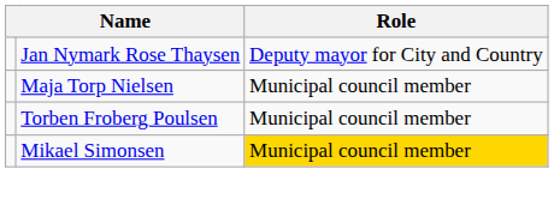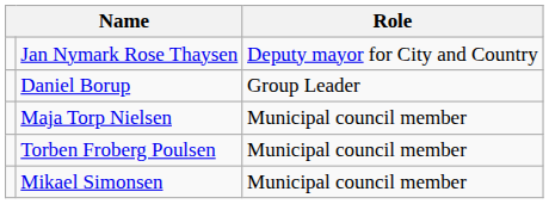 <table class="wikitable">
 <tr>
 <th colspan="2">Name</th>
 <th>Role</th>
 </tr>
 <tr>
 <td width="1"></td>
 <td><a href='#'>Jan Nymark Rose Thaysen</a></td>
 <td><a href='#'>Deputy mayor</a> for City and Country</td>
+</tr>
+<tr>
+<td width="1"></td>
+<td><a href='#'>Daniel Borup</a></td>
+<td>Group Leader</td>
 </tr>
 <tr>
 <td width="1"></td>
 <td><a href='#'>Maja Torp Nielsen</a></td>
 <td>Municipal council member</td>
 </tr>
 <tr>
 <td width="1"></td>
 <td><a href='#'>Torben Froberg Poulsen</a></td>
 <td>Municipal council member</td>
 </tr>
 <tr>
 <td width="1"></td>
 <td><a href='#'>Mikael Simonsen</a></td>
-<td style="background: gold;">Municipal council member</td>
+<td>Municipal council member</td>
 </tr>
 </table>
